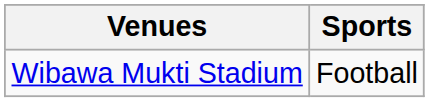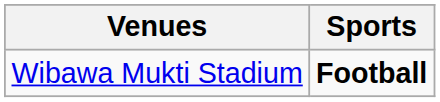 <table class="wikitable">
 <tr>
 <th>Venues</th>
 <th>Sports</th>
 </tr>
 <tr>
 <td><a href='#'>Wibawa Mukti Stadium</a></td>
-<td>Football</td>
+<td><strong>Football</strong></td>
 </tr>
 </table>
